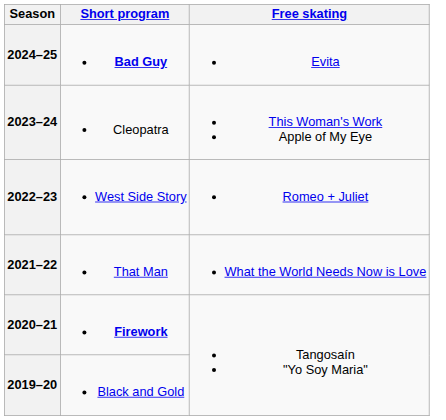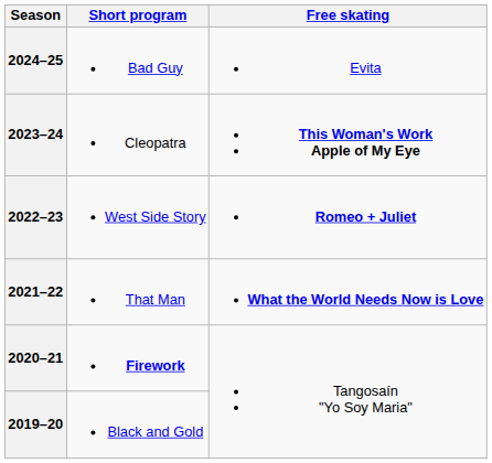 <table class=wikitable style=text-align:center>
 <tr>
 <th>Season</th>
 <th><a href='#'>Short program</a></th>
 <th><a href='#'>Free skating</a></th>
 </tr>
 <tr>
 <th>2024–25<br></th>
-<td><strong><br><ul><li><a href='#'>Bad Guy</a><br></li></ul></strong></td>
+<td><br><ul><li><a href='#'>Bad Guy</a><br></li></ul></td>
 <td><br><ul><li><a href='#'>Evita</a> <br> </li></ul></td>
 </tr>
 <tr>
 <th>2023–24<br></th>
 <td><br><ul><li>Cleopatra<br></li></ul></td>
-<td><br><ul><li><a href='#'>This Woman's Work</a><br></li><li>Apple of My Eye<br></li></ul></td>
+<td><strong><br><ul><li><a href='#'>This Woman's Work</a><br></li><li>Apple of My Eye<br></li></ul></strong></td>
 </tr>
 <tr>
 <th>2022–23<br></th>
 <td><br><ul><li><a href='#'>West Side Story</a> <br> <br></li></ul></td>
-<td><br><ul><li><a href='#'>Romeo + Juliet</a> <br><br></li></ul></td>
+<td><strong><br><ul><li><a href='#'>Romeo + Juliet</a> <br><br></li></ul></strong></td>
 </tr>
 <tr>
 <th>2021–22<br></th>
 <td><br><ul><li><a href='#'>That Man</a><br></li></ul></td>
-<td><br><ul><li><a href='#'>What the World Needs Now is Love</a><br></li></ul></td>
+<td><strong><br><ul><li><a href='#'>What the World Needs Now is Love</a><br></li></ul></strong></td>
 </tr>
 <tr>
 <th>2020–21<br></th>
 <td><strong><br><ul><li><a href='#'>Firework</a><br> </li></ul></strong></td>
 <td rowspan=2><br><ul><li>Tangosaín</li><li>"Yo Soy Maria"<br></li></ul></td>
 </tr>
 <tr>
 <th>2019–20<br></th>
 <td><br><ul><li><a href='#'>Black and Gold</a><br></li></ul></td>
 </tr>
 </table>
